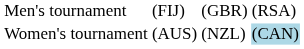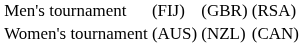 <table>
 <tr valign="top">
 <td>Men's tournament <br></td>
 <td> (FIJ) </td>
 <td> (GBR) </td>
 <td> (RSA) </td>
 </tr>
 <tr valign="top">
 <td>Women's tournament <br></td>
 <td> (AUS) </td>
 <td> (NZL) </td>
-<td style="background: lightblue;"> (CAN) </td>
+<td> (CAN) </td>
 </tr>
 </table>
